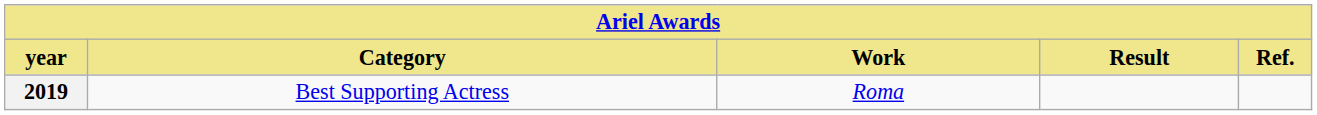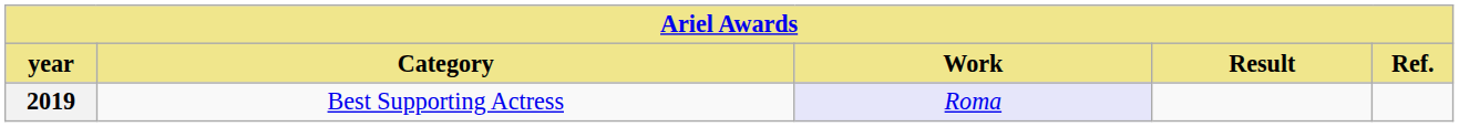 <table class="wikitable" width="75%">
 <tr>
 <th colspan="5" style="background:#F0E68C"><a href='#'>Ariel Awards</a></th>
 </tr>
 <tr>
 <th style="background:#F0E68C" width="33">year</th>
 <th style="background:#F0E68C" width="300">Category</th>
 <th style="background:#F0E68C" width="150">Work</th>
 <th style="background:#F0E68C" width="90">Result</th>
 <th style="background:#F0E68C" width="5">Ref.</th>
 </tr>
 <tr>
 <th>2019</th>
 <td align="center"><a href='#'>Best Supporting Actress</a></td>
-<td align="center"><em><a href='#'>Roma</a></em></td>
+<td align="center" style="background: lavender;"><em><a href='#'>Roma</a></em></td>
 <td></td>
 <td align="center"></td>
 </tr>
 </table>
